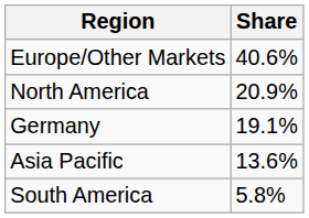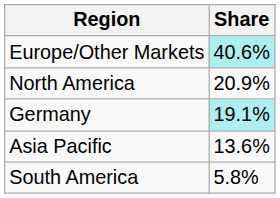 <table class="wikitable floatright">
 <tr>
 <th>Region</th>
 <th>Share</th>
 </tr>
 <tr>
 <td>Europe/Other Markets</td>
-<td>40.6%</td>
+<td style="background: paleturquoise;">40.6%</td>
 </tr>
 <tr>
 <td>North America</td>
 <td>20.9%</td>
 </tr>
 <tr>
 <td>Germany</td>
-<td>19.1%</td>
+<td style="background: paleturquoise;">19.1%</td>
 </tr>
 <tr>
 <td>Asia Pacific</td>
 <td>13.6%</td>
 </tr>
 <tr>
 <td>South America</td>
 <td>5.8%</td>
 </tr>
 </table>
